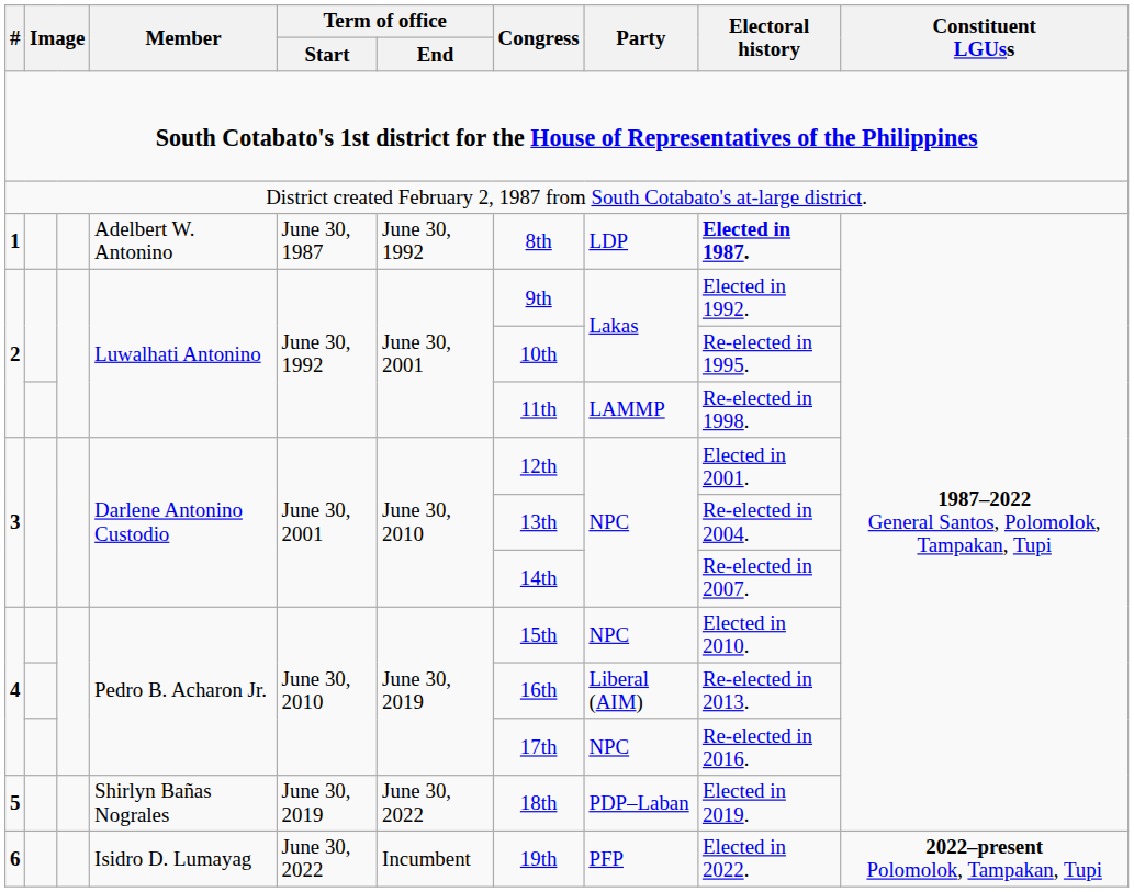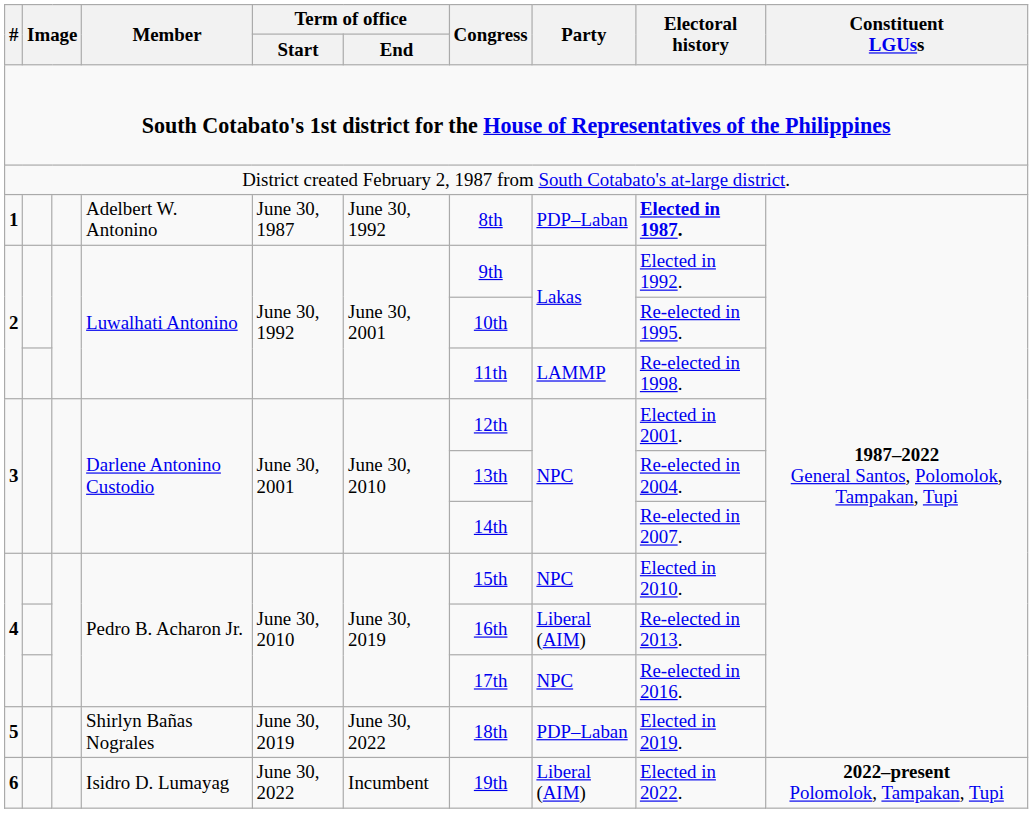 <table class=wikitable>
 <tr>
 <th rowspan="2">#</th>
 <th rowspan="2" colspan=2>Image</th>
 <th rowspan="2">Member</th>
 <th colspan=2>Term of office</th>
 <th rowspan="2">Congress</th>
 <th rowspan="2">Party</th>
 <th rowspan="2">Electoral history</th>
 <th rowspan="2">Constituent<br><a href='#'>LGUs</a>s</th>
 </tr>
 <tr>
 <th>Start</th>
 <th>End</th>
 </tr>
 <tr>
 <td colspan="10" style="text-align:center;"><br><h3>South Cotabato's 1st district for the <a href='#'>House of Representatives of the Philippines</a></h3></td>
 </tr>
 <tr>
 <td colspan="10" style="text-align:center;">District created February 2, 1987 from <a href='#'>South Cotabato's at-large district</a>.</td>
 </tr>
 <tr>
 <td style="text-align:center;"><strong>1</strong></td>
 <td style="color:inherit;background:"></td>
 <td></td>
 <td>Adelbert W. Antonino</td>
 <td>June 30, 1987</td>
 <td>June 30, 1992</td>
 <td style="text-align:center;"><a href='#'>8th</a></td>
-<td><a href='#'>LDP</a></td>
+<td><a href='#'>PDP–Laban</a></td>
 <td><strong><a href='#'>Elected in 1987</a>.</strong></td>
 <td rowspan="11" style="text-align:center;"><strong>1987–2022</strong><br><a href='#'>General Santos</a>, <a href='#'>Polomolok</a>, <a href='#'>Tampakan</a>, <a href='#'>Tupi</a></td>
 </tr>
 <tr>
 <td rowspan="3" style="text-align:center;"><strong>2</strong></td>
 <td rowspan="2" style="color:inherit;background:"></td>
 <td rowspan="3"></td>
 <td rowspan="3"><a href='#'>Luwalhati Antonino</a></td>
 <td rowspan="3">June 30, 1992</td>
 <td rowspan="3">June 30, 2001</td>
 <td style="text-align:center;"><a href='#'>9th</a></td>
 <td rowspan="2"><a href='#'>Lakas</a></td>
 <td><a href='#'>Elected in 1992</a>.</td>
 </tr>
 <tr>
 <td style="text-align:center;"><a href='#'>10th</a></td>
 <td><a href='#'>Re-elected in 1995</a>.</td>
 </tr>
 <tr>
 <td style="color:inherit;background:"></td>
 <td style="text-align:center;"><a href='#'>11th</a></td>
 <td><a href='#'>LAMMP</a></td>
 <td><a href='#'>Re-elected in 1998</a>.</td>
 </tr>
 <tr>
 <td rowspan="3" style="text-align:center;"><strong>3</strong></td>
 <td rowspan="3" style="color:inherit;background:"></td>
 <td rowspan="3"></td>
 <td rowspan="3"><a href='#'>Darlene Antonino Custodio</a></td>
 <td rowspan="3">June 30, 2001</td>
 <td rowspan="3">June 30, 2010</td>
 <td style="text-align:center;"><a href='#'>12th</a></td>
 <td rowspan="3"><a href='#'>NPC</a></td>
 <td><a href='#'>Elected in 2001</a>.</td>
 </tr>
 <tr>
 <td style="text-align:center;"><a href='#'>13th</a></td>
 <td><a href='#'>Re-elected in 2004</a>.</td>
 </tr>
 <tr>
 <td style="text-align:center;"><a href='#'>14th</a></td>
 <td><a href='#'>Re-elected in 2007</a>.</td>
 </tr>
 <tr>
 <td rowspan="3" style="text-align:center;"><strong>4</strong></td>
 <td style="color:inherit;background:"></td>
 <td rowspan="3"></td>
 <td rowspan="3">Pedro B. Acharon Jr.</td>
 <td rowspan="3">June 30, 2010</td>
 <td rowspan="3">June 30, 2019</td>
 <td style="text-align:center;"><a href='#'>15th</a></td>
 <td><a href='#'>NPC</a></td>
 <td><a href='#'>Elected in 2010</a>.</td>
 </tr>
 <tr>
 <td style="color:inherit;background:"></td>
 <td style="text-align:center;"><a href='#'>16th</a></td>
 <td><a href='#'>Liberal</a> (<a href='#'>AIM</a>)</td>
 <td><a href='#'>Re-elected in 2013</a>.</td>
 </tr>
 <tr>
 <td style="color:inherit;background:"></td>
 <td style="text-align:center;"><a href='#'>17th</a></td>
 <td><a href='#'>NPC</a></td>
 <td><a href='#'>Re-elected in 2016</a>.</td>
 </tr>
 <tr>
 <td style="text-align:center;"><strong>5</strong></td>
 <td style="color:inherit;background:"></td>
 <td></td>
 <td>Shirlyn Bañas Nograles</td>
 <td>June 30, 2019</td>
 <td>June 30, 2022</td>
 <td style="text-align:center;"><a href='#'>18th</a></td>
 <td><a href='#'>PDP–Laban</a></td>
 <td><a href='#'>Elected in 2019</a>.</td>
 </tr>
 <tr>
 <td style="text-align:center;"><strong>6</strong></td>
 <td style="color:inherit;background:"></td>
 <td></td>
 <td>Isidro D. Lumayag</td>
 <td>June 30, 2022</td>
 <td>Incumbent</td>
 <td style="text-align:center;"><a href='#'>19th</a></td>
-<td><a href='#'>PFP</a></td>
+<td><a href='#'>Liberal</a> (<a href='#'>AIM</a>)</td>
 <td><a href='#'>Elected in 2022</a>.</td>
 <td style="text-align:center;"><strong>2022–present</strong><br><a href='#'>Polomolok</a>, <a href='#'>Tampakan</a>, <a href='#'>Tupi</a></td>
 </tr>
 </table>
